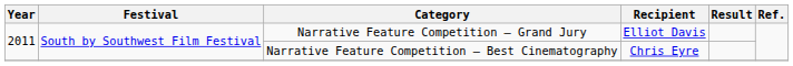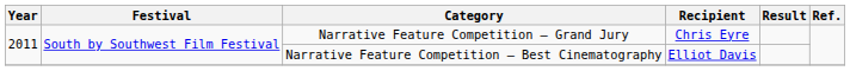 <table class="wikitable plainrowheaders" style="text-align:center;">
 <tr>
 <th>Year</th>
 <th>Festival</th>
 <th>Category</th>
 <th>Recipient</th>
 <th>Result</th>
 <th>Ref.</th>
 </tr>
 <tr>
 <td rowspan="2">2011</td>
 <td rowspan="2"><a href='#'>South by Southwest Film Festival</a></td>
 <td>Narrative Feature Competition – Grand Jury</td>
-<td><a href='#'>Elliot Davis</a></td>
+<td><a href='#'>Chris Eyre</a></td>
 <td></td>
 <td rowspan="2"></td>
 </tr>
 <tr>
 <td>Narrative Feature Competition – Best Cinematography</td>
-<td><a href='#'>Chris Eyre</a></td>
+<td><a href='#'>Elliot Davis</a></td>
 <td></td>
 </tr>
 <tr>
 </tr>
 </table>
